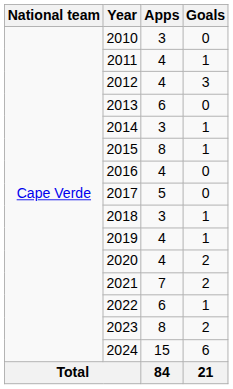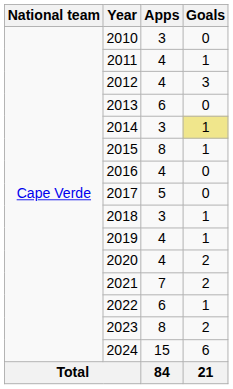 <table class="wikitable" style="text-align: center;">
 <tr>
 <th>National team</th>
 <th>Year</th>
 <th>Apps</th>
 <th>Goals</th>
 </tr>
 <tr>
 <td rowspan="15"><a href='#'>Cape Verde</a></td>
 <td>2010</td>
 <td>3</td>
 <td>0</td>
 </tr>
 <tr>
 <td>2011</td>
 <td>4</td>
 <td>1</td>
 </tr>
 <tr>
 <td>2012</td>
 <td>4</td>
 <td>3</td>
 </tr>
 <tr>
 <td>2013</td>
 <td>6</td>
 <td>0</td>
 </tr>
 <tr>
 <td>2014</td>
 <td>3</td>
-<td>1</td>
+<td style="background: khaki;">1</td>
 </tr>
 <tr>
 <td>2015</td>
 <td>8</td>
 <td>1</td>
 </tr>
 <tr>
 <td>2016</td>
 <td>4</td>
 <td>0</td>
 </tr>
 <tr>
 <td>2017</td>
 <td>5</td>
 <td>0</td>
 </tr>
 <tr>
 <td>2018</td>
 <td>3</td>
 <td>1</td>
 </tr>
 <tr>
 <td>2019</td>
 <td>4</td>
 <td>1</td>
 </tr>
 <tr>
 <td>2020</td>
 <td>4</td>
 <td>2</td>
 </tr>
 <tr>
 <td>2021</td>
 <td>7</td>
 <td>2</td>
 </tr>
 <tr>
 <td>2022</td>
 <td>6</td>
 <td>1</td>
 </tr>
 <tr>
 <td>2023</td>
 <td>8</td>
 <td>2</td>
 </tr>
 <tr>
 <td>2024</td>
 <td>15</td>
 <td>6</td>
 </tr>
 <tr>
 <th colspan="2">Total</th>
 <th>84</th>
 <th>21</th>
 </tr>
 </table>
